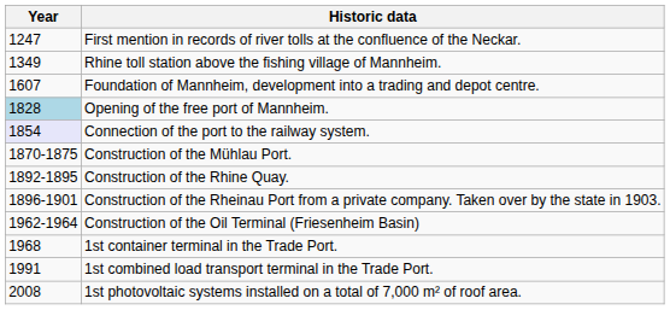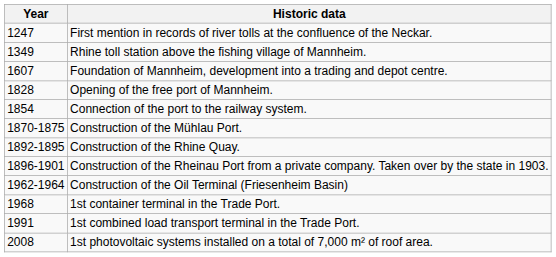 <table class="wikitable sortable">
 <tr>
 <th>Year</th>
 <th>Historic data</th>
 </tr>
 <tr>
 <td>1247</td>
 <td>First mention in records of river tolls at the confluence of the Neckar.</td>
 </tr>
 <tr>
 <td>1349</td>
 <td>Rhine toll station above the fishing village of Mannheim.</td>
 </tr>
 <tr>
 <td>1607</td>
 <td>Foundation of Mannheim, development into a trading and depot centre.</td>
 </tr>
 <tr>
-<td style="background: lightblue;">1828</td>
+<td>1828</td>
 <td>Opening of the free port of Mannheim.</td>
 </tr>
 <tr>
-<td style="background: lavender;">1854</td>
+<td>1854</td>
 <td>Connection of the port to the railway system.</td>
 </tr>
 <tr>
 <td>1870-1875</td>
 <td>Construction of the Mühlau Port.</td>
 </tr>
 <tr>
 <td>1892-1895</td>
 <td>Construction of the Rhine Quay.</td>
 </tr>
 <tr>
 <td>1896-1901</td>
 <td>Construction of the Rheinau Port from a private company. Taken over by the state in 1903.</td>
 </tr>
 <tr>
 <td>1962-1964</td>
 <td>Construction of the Oil Terminal (Friesenheim Basin)</td>
 </tr>
 <tr>
 <td>1968</td>
 <td>1st container terminal in the Trade Port.</td>
 </tr>
 <tr>
 <td>1991</td>
 <td>1st combined load transport terminal in the Trade Port.</td>
 </tr>
 <tr>
 <td>2008</td>
 <td>1st photovoltaic systems installed on a total of 7,000 m² of roof area.</td>
 </tr>
 </table>
